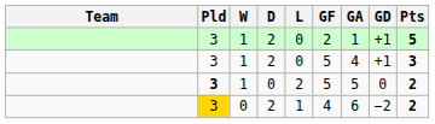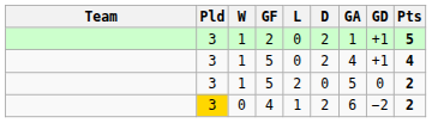 <table class="wikitable" style="text-align: center;">
 <tr>
 <th width=175>Team</th>
 <th width=20>Pld</th>
 <th width=20>W</th>
+<th width=20>GF</th>
+<th width=20>L</th>
 <th width=20>D</th>
-<th width=20>L</th>
-<th width=20>GF</th>
 <th width=20>GA</th>
 <th width=20>GD</th>
 <th width=20>Pts</th>
 </tr>
 <tr bgcolor=ccffcc>
 <td style="text-align:left;"></td>
 <td>3</td>
 <td>1</td>
 <td>2</td>
 <td>0</td>
 <td>2</td>
 <td>1</td>
 <td>+1</td>
 <td><strong>5</strong></td>
 </tr>
 <tr>
 <td style="text-align:left;"></td>
 <td>3</td>
 <td>1</td>
+<td>5</td>
+<td>0</td>
 <td>2</td>
-<td>0</td>
-<td>5</td>
 <td>4</td>
 <td>+1</td>
-<td><strong>3</strong></td>
+<td><strong>4</strong></td>
 </tr>
 <tr>
 <td style="text-align:left;"></td>
-<td><strong>3</strong></td>
+<td>3</td>
 <td>1</td>
+<td>5</td>
+<td>2</td>
 <td>0</td>
-<td>2</td>
-<td>5</td>
 <td>5</td>
 <td>0</td>
 <td><strong>2</strong></td>
 </tr>
 <tr>
 <td style="text-align:left;"></td>
 <td style="background: gold;">3</td>
 <td>0</td>
+<td>4</td>
+<td>1</td>
 <td>2</td>
-<td>1</td>
-<td>4</td>
 <td>6</td>
 <td>−2</td>
 <td><strong>2</strong></td>
 </tr>
 </table>
